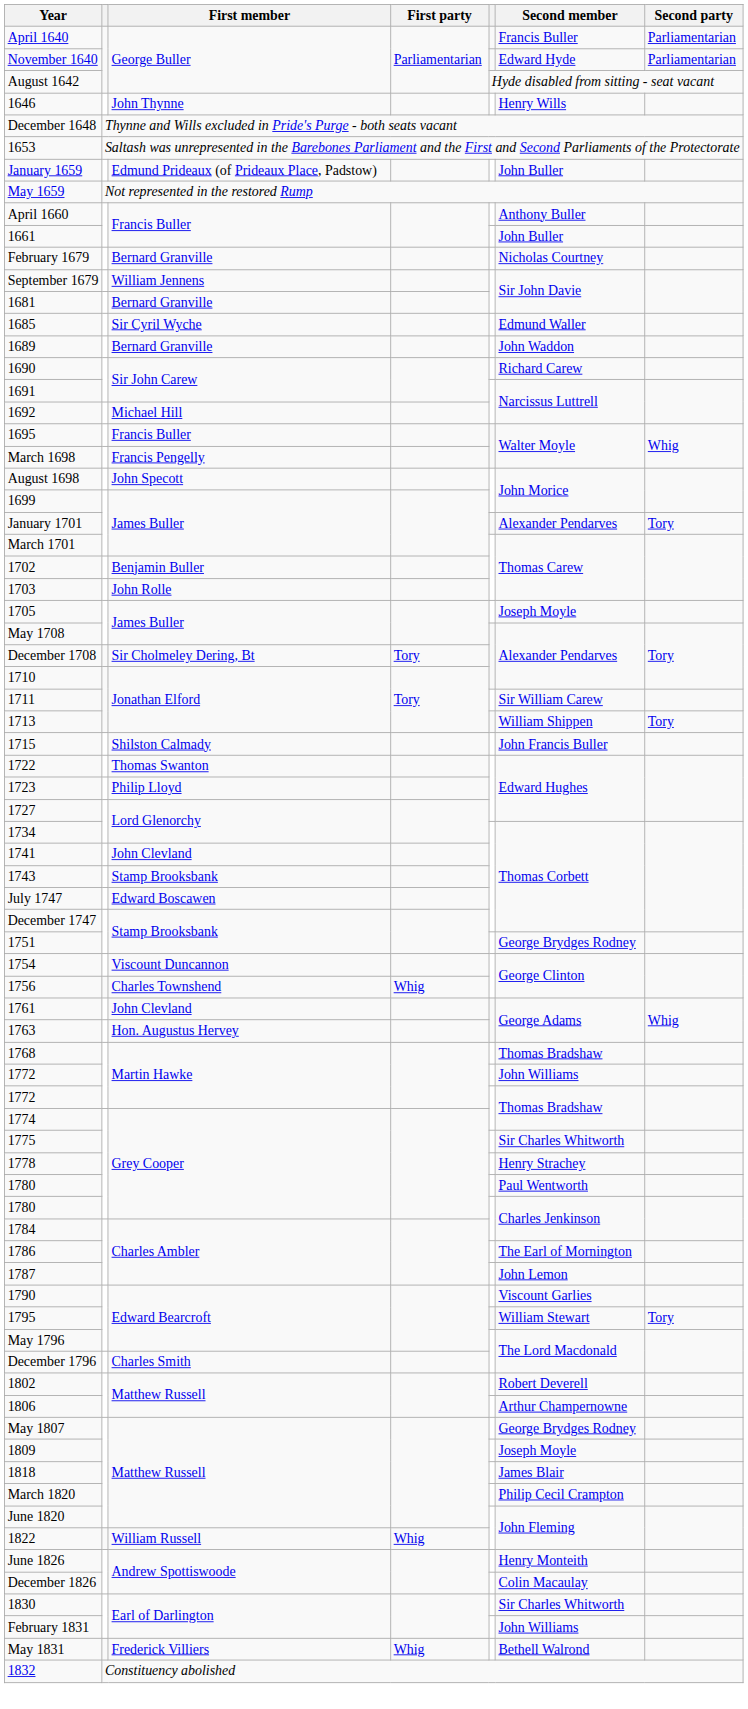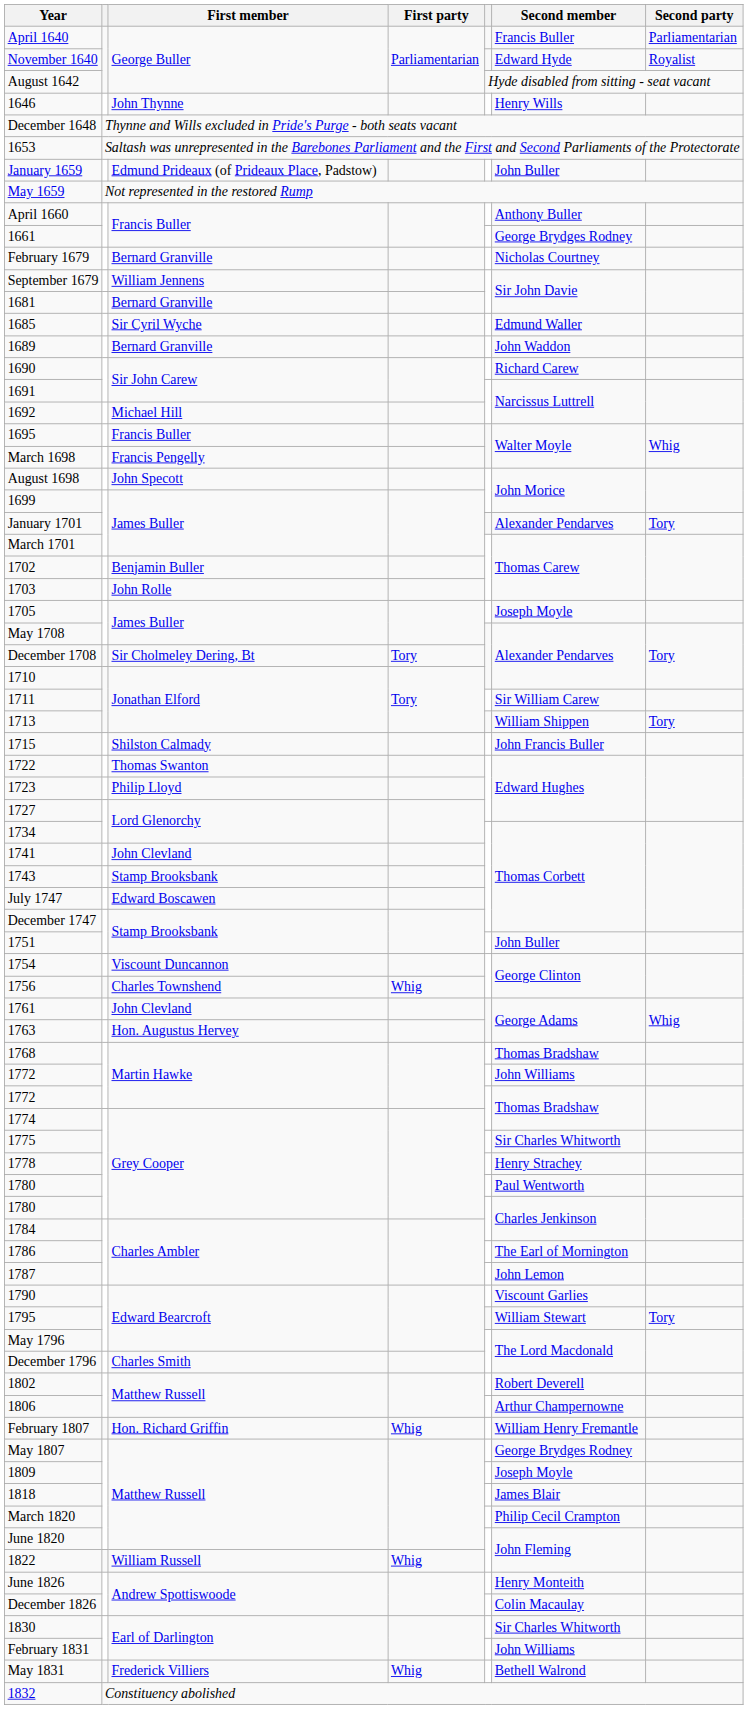 <table class="wikitable">
 <tr>
 <th>Year</th>
 <th></th>
 <th>First member</th>
 <th>First party</th>
 <th></th>
 <th>Second member</th>
 <th>Second party</th>
 </tr>
 <tr>
 <td><a href='#'>April 1640</a></td>
 <td rowspan="3" style="color:inherit;background-color: "></td>
 <td rowspan="3"><a href='#'>George Buller</a></td>
 <td rowspan="3"><a href='#'>Parliamentarian</a></td>
 <td style="color:inherit;background-color: "></td>
 <td><a href='#'>Francis Buller</a></td>
 <td><a href='#'>Parliamentarian</a></td>
 </tr>
 <tr>
 <td><a href='#'>November 1640</a></td>
 <td style="color:inherit;background-color: "></td>
 <td><a href='#'>Edward Hyde</a></td>
-<td><a href='#'>Parliamentarian</a></td>
+<td><a href='#'>Royalist</a></td>
 </tr>
 <tr>
 <td>August 1642</td>
 <td colspan="3"><em>Hyde disabled from sitting - seat vacant</em></td>
 </tr>
 <tr>
 <td>1646</td>
 <td style="color:inherit;background-color: white"></td>
 <td><a href='#'>John Thynne</a></td>
 <td></td>
 <td style="color:inherit;background-color: white"></td>
 <td><a href='#'>Henry Wills</a></td>
 <td></td>
 </tr>
 <tr>
 <td>December 1648</td>
 <td colspan="6"><em>Thynne and Wills excluded in <a href='#'>Pride's Purge</a> - both seats vacant</em></td>
 </tr>
 <tr>
 <td>1653</td>
 <td colspan="6"><em>Saltash was unrepresented in the <a href='#'>Barebones Parliament</a> and the <a href='#'>First</a> and <a href='#'>Second</a> Parliaments of the Protectorate</em></td>
 </tr>
 <tr>
 <td><a href='#'>January 1659</a></td>
 <td style="color:inherit;background-color: white"></td>
 <td><a href='#'>Edmund Prideaux</a> (of <a href='#'>Prideaux Place</a>, Padstow)</td>
 <td></td>
 <td style="color:inherit;background-color: white"></td>
 <td><a href='#'>John Buller</a></td>
 <td></td>
 </tr>
 <tr>
 <td><a href='#'>May 1659</a></td>
 <td colspan="6"><em>Not represented in the restored <a href='#'>Rump</a></em></td>
 </tr>
 <tr>
 <td>April 1660</td>
 <td rowspan="2" style="color:inherit;background-color: white"></td>
 <td rowspan="2"><a href='#'>Francis Buller</a></td>
 <td rowspan="2"></td>
 <td style="color:inherit;background-color: white"></td>
 <td><a href='#'>Anthony Buller</a></td>
 <td></td>
 </tr>
 <tr>
 <td>1661</td>
 <td style="color:inherit;background-color: white"></td>
-<td><a href='#'>John Buller</a></td>
+<td><a href='#'>George Brydges Rodney</a></td>
 <td></td>
 </tr>
 <tr>
 <td>February 1679</td>
 <td style="color:inherit;background-color: white"></td>
 <td><a href='#'>Bernard Granville</a></td>
 <td></td>
 <td style="color:inherit;background-color: white"></td>
 <td><a href='#'>Nicholas Courtney</a></td>
 <td></td>
 </tr>
 <tr>
 <td>September 1679</td>
 <td style="color:inherit;background-color: white"></td>
 <td><a href='#'>William Jennens</a></td>
 <td></td>
 <td rowspan="2" style="color:inherit;background-color: white"></td>
 <td rowspan="2"><a href='#'>Sir John Davie</a></td>
 <td rowspan="2"></td>
 </tr>
 <tr>
 <td>1681</td>
 <td style="color:inherit;background-color: white"></td>
 <td><a href='#'>Bernard Granville</a></td>
 <td></td>
 </tr>
 <tr>
 <td>1685</td>
 <td style="color:inherit;background-color: white"></td>
 <td><a href='#'>Sir Cyril Wyche</a></td>
 <td></td>
 <td style="color:inherit;background-color: white"></td>
 <td><a href='#'>Edmund Waller</a></td>
 <td></td>
 </tr>
 <tr>
 <td>1689</td>
 <td style="color:inherit;background-color: white"></td>
 <td><a href='#'>Bernard Granville</a></td>
 <td></td>
 <td style="color:inherit;background-color: white"></td>
 <td><a href='#'>John Waddon</a></td>
 <td></td>
 </tr>
 <tr>
 <td>1690</td>
 <td rowspan="2" style="color:inherit;background-color: white"></td>
 <td rowspan="2"><a href='#'>Sir John Carew</a></td>
 <td rowspan="2"></td>
 <td style="color:inherit;background-color: white"></td>
 <td><a href='#'>Richard Carew</a></td>
 <td></td>
 </tr>
 <tr>
 <td>1691</td>
 <td rowspan="2" style="color:inherit;background-color: white"></td>
 <td rowspan="2"><a href='#'>Narcissus Luttrell</a></td>
 <td rowspan="2"></td>
 </tr>
 <tr>
 <td>1692</td>
 <td style="color:inherit;background-color: white"></td>
 <td><a href='#'>Michael Hill</a></td>
 <td></td>
 </tr>
 <tr>
 <td>1695</td>
 <td style="color:inherit;background-color: white"></td>
 <td><a href='#'>Francis Buller</a></td>
 <td></td>
 <td rowspan="2" style="color:inherit;background-color: "></td>
 <td rowspan="2"><a href='#'>Walter Moyle</a></td>
 <td rowspan="2"><a href='#'>Whig</a></td>
 </tr>
 <tr>
 <td>March 1698</td>
 <td style="color:inherit;background-color: white"></td>
 <td><a href='#'>Francis Pengelly</a></td>
 <td></td>
 </tr>
 <tr>
 <td>August 1698</td>
 <td style="color:inherit;background-color: white"></td>
 <td><a href='#'>John Specott</a></td>
 <td></td>
 <td rowspan="2" style="color:inherit;background-color: white"></td>
 <td rowspan="2"><a href='#'>John Morice</a></td>
 <td rowspan="2"></td>
 </tr>
 <tr>
 <td>1699</td>
 <td rowspan="3" style="color:inherit;background-color: white"></td>
 <td rowspan="3"><a href='#'>James Buller</a></td>
 <td rowspan="3"></td>
 </tr>
 <tr>
 <td>January 1701</td>
 <td style="color:inherit;background-color: "></td>
 <td><a href='#'>Alexander Pendarves</a></td>
 <td><a href='#'>Tory</a></td>
 </tr>
 <tr>
 <td>March 1701</td>
 <td rowspan="3" style="color:inherit;background-color: white"></td>
 <td rowspan="3"><a href='#'>Thomas Carew</a></td>
 <td rowspan="3"></td>
 </tr>
 <tr>
 <td>1702</td>
 <td style="color:inherit;background-color: white"></td>
 <td><a href='#'>Benjamin Buller</a></td>
 <td></td>
 </tr>
 <tr>
 <td>1703</td>
 <td style="color:inherit;background-color: white"></td>
 <td><a href='#'>John Rolle</a></td>
 <td></td>
 </tr>
 <tr>
 <td>1705</td>
 <td rowspan="2" style="color:inherit;background-color: white"></td>
 <td rowspan="2"><a href='#'>James Buller</a></td>
 <td rowspan="2"></td>
 <td style="color:inherit;background-color: white"></td>
 <td><a href='#'>Joseph Moyle</a></td>
 <td></td>
 </tr>
 <tr>
 <td>May 1708</td>
 <td rowspan="3" style="color:inherit;background-color: "></td>
 <td rowspan="3"><a href='#'>Alexander Pendarves</a></td>
 <td rowspan="3"><a href='#'>Tory</a></td>
 </tr>
 <tr>
 <td>December 1708</td>
 <td style="color:inherit;background-color: "></td>
 <td><a href='#'>Sir Cholmeley Dering, Bt</a></td>
 <td><a href='#'>Tory</a></td>
 </tr>
 <tr>
 <td>1710</td>
 <td rowspan="3" style="color:inherit;background-color: "></td>
 <td rowspan="3"><a href='#'>Jonathan Elford</a></td>
 <td rowspan="3"><a href='#'>Tory</a></td>
 </tr>
 <tr>
 <td>1711</td>
 <td style="color:inherit;background-color: white"></td>
 <td><a href='#'>Sir William Carew</a></td>
 <td></td>
 </tr>
 <tr>
 <td>1713</td>
 <td style="color:inherit;background-color: "></td>
 <td><a href='#'>William Shippen</a></td>
 <td><a href='#'>Tory</a></td>
 </tr>
 <tr>
 <td>1715</td>
 <td style="color:inherit;background-color: white"></td>
 <td><a href='#'>Shilston Calmady</a></td>
 <td></td>
 <td style="color:inherit;background-color: white"></td>
 <td><a href='#'>John Francis Buller</a></td>
 <td></td>
 </tr>
 <tr>
 <td>1722</td>
 <td style="color:inherit;background-color: white"></td>
 <td><a href='#'>Thomas Swanton</a></td>
 <td></td>
 <td rowspan="3" style="color:inherit;background-color: white"></td>
 <td rowspan="3"><a href='#'>Edward Hughes</a></td>
 <td rowspan="3"></td>
 </tr>
 <tr>
 <td>1723</td>
 <td style="color:inherit;background-color: white"></td>
 <td><a href='#'>Philip Lloyd</a></td>
 <td></td>
 </tr>
 <tr>
 <td>1727</td>
 <td rowspan="2" style="color:inherit;background-color: white"></td>
 <td rowspan="2"><a href='#'>Lord Glenorchy</a></td>
 <td rowspan="2"></td>
 </tr>
 <tr>
 <td>1734</td>
 <td rowspan="5" style="color:inherit;background-color: white"></td>
 <td rowspan="5"><a href='#'>Thomas Corbett</a></td>
 <td rowspan="5"></td>
 </tr>
 <tr>
 <td>1741</td>
 <td style="color:inherit;background-color: white"></td>
 <td><a href='#'>John Clevland</a></td>
 <td></td>
 </tr>
 <tr>
 <td>1743</td>
 <td style="color:inherit;background-color: white"></td>
 <td><a href='#'>Stamp Brooksbank</a></td>
 <td></td>
 </tr>
 <tr>
 <td>July 1747</td>
 <td style="color:inherit;background-color: white"></td>
 <td><a href='#'>Edward Boscawen</a></td>
 <td></td>
 </tr>
 <tr>
 <td>December 1747</td>
 <td rowspan="2" style="color:inherit;background-color: white"></td>
 <td rowspan="2"><a href='#'>Stamp Brooksbank</a></td>
 <td rowspan="2"></td>
 </tr>
 <tr>
 <td>1751</td>
 <td style="color:inherit;background-color: white"></td>
-<td><a href='#'>George Brydges Rodney</a></td>
+<td><a href='#'>John Buller</a></td>
 <td></td>
 </tr>
 <tr>
 <td>1754</td>
 <td style="color:inherit;background-color: white"></td>
 <td><a href='#'>Viscount Duncannon</a></td>
 <td></td>
 <td rowspan="2" style="color:inherit;background-color: white"></td>
 <td rowspan="2"><a href='#'>George Clinton</a></td>
 <td rowspan="2"></td>
 </tr>
 <tr>
 <td>1756</td>
 <td style="color:inherit;background-color: "></td>
 <td><a href='#'>Charles Townshend</a></td>
 <td><a href='#'>Whig</a></td>
 </tr>
 <tr>
 <td>1761</td>
 <td style="color:inherit;background-color: white"></td>
 <td><a href='#'>John Clevland</a></td>
 <td></td>
 <td rowspan="2" style="color:inherit;background-color: "></td>
 <td rowspan="2"><a href='#'>George Adams</a></td>
 <td rowspan="2"><a href='#'>Whig</a></td>
 </tr>
 <tr>
 <td>1763</td>
 <td style="color:inherit;background-color: white"></td>
 <td><a href='#'>Hon. Augustus Hervey</a></td>
 <td></td>
 </tr>
 <tr>
 <td>1768</td>
 <td rowspan="3" style="color:inherit;background-color: white"></td>
 <td rowspan="3"><a href='#'>Martin Hawke</a></td>
 <td rowspan="3"></td>
 <td style="color:inherit;background-color: white"></td>
 <td><a href='#'>Thomas Bradshaw</a></td>
 <td></td>
 </tr>
 <tr>
 <td>1772</td>
 <td style="color:inherit;background-color: white"></td>
 <td><a href='#'>John Williams</a></td>
 <td></td>
 </tr>
 <tr>
 <td>1772</td>
 <td rowspan="2" style="color:inherit;background-color: white"></td>
 <td rowspan="2"><a href='#'>Thomas Bradshaw</a></td>
 <td rowspan="2"></td>
 </tr>
 <tr>
 <td>1774</td>
 <td rowspan="5" style="color:inherit;background-color: white"></td>
 <td rowspan="5"><a href='#'>Grey Cooper</a></td>
 <td rowspan="5"></td>
 </tr>
 <tr>
 <td>1775</td>
 <td style="color:inherit;background-color: white"></td>
 <td><a href='#'>Sir Charles Whitworth</a></td>
 <td></td>
 </tr>
 <tr>
 <td>1778</td>
 <td style="color:inherit;background-color: white"></td>
 <td><a href='#'>Henry Strachey</a></td>
 <td></td>
 </tr>
 <tr>
 <td>1780</td>
 <td style="color:inherit;background-color: white"></td>
 <td><a href='#'>Paul Wentworth</a></td>
 <td></td>
 </tr>
 <tr>
 <td>1780</td>
 <td rowspan="2" style="color:inherit;background-color: white"></td>
 <td rowspan="2"><a href='#'>Charles Jenkinson</a></td>
 <td rowspan="2"></td>
 </tr>
 <tr>
 <td>1784</td>
 <td rowspan="3" style="color:inherit;background-color: white"></td>
 <td rowspan="3"><a href='#'>Charles Ambler</a></td>
 <td rowspan="3"></td>
 </tr>
 <tr>
 <td>1786</td>
 <td style="color:inherit;background-color: white"></td>
 <td><a href='#'>The Earl of Mornington</a></td>
 <td></td>
 </tr>
 <tr>
 <td>1787</td>
 <td style="color:inherit;background-color: white"></td>
 <td><a href='#'>John Lemon</a></td>
 <td></td>
 </tr>
 <tr>
 <td>1790</td>
 <td rowspan="3" style="color:inherit;background-color: white"></td>
 <td rowspan="3"><a href='#'>Edward Bearcroft</a></td>
 <td rowspan="3"></td>
 <td style="color:inherit;background-color: white"></td>
 <td><a href='#'>Viscount Garlies</a></td>
 <td></td>
 </tr>
 <tr>
 <td>1795</td>
 <td style="color:inherit;background-color: "></td>
 <td><a href='#'>William Stewart</a></td>
 <td><a href='#'>Tory</a></td>
 </tr>
 <tr>
 <td>May 1796</td>
 <td rowspan="2" style="color:inherit;background-color: white"></td>
 <td rowspan="2"><a href='#'>The Lord Macdonald</a></td>
 <td rowspan="2"></td>
 </tr>
 <tr>
 <td>December 1796</td>
 <td style="color:inherit;background-color: white"></td>
 <td><a href='#'>Charles Smith</a></td>
 <td></td>
 </tr>
 <tr>
 <td>1802</td>
 <td rowspan="2" style="color:inherit;background-color: white"></td>
 <td rowspan="2"><a href='#'>Matthew Russell</a></td>
 <td rowspan="2"></td>
 <td style="color:inherit;background-color: white"></td>
 <td><a href='#'>Robert Deverell</a></td>
 <td></td>
 </tr>
 <tr>
 <td>1806</td>
 <td style="color:inherit;background-color: white"></td>
 <td><a href='#'>Arthur Champernowne</a></td>
 <td></td>
 </tr>
 <tr>
+<td>February 1807</td>
+<td style="color:inherit;background-color: "></td>
+<td><a href='#'>Hon. Richard Griffin</a></td>
+<td><a href='#'>Whig</a></td>
+<td style="color:inherit;background-color: white"></td>
+<td><a href='#'>William Henry Fremantle</a></td>
+<td></td>
+</tr>
+<tr>
 <td>May 1807</td>
 <td rowspan="5" style="color:inherit;background-color: white"></td>
 <td rowspan="5"><a href='#'>Matthew Russell</a></td>
 <td rowspan="5"></td>
 <td style="color:inherit;background-color: white"></td>
 <td><a href='#'>George Brydges Rodney</a></td>
 <td></td>
 </tr>
 <tr>
 <td>1809</td>
 <td style="color:inherit;background-color: white"></td>
 <td><a href='#'>Joseph Moyle</a></td>
 <td></td>
 </tr>
 <tr>
 <td>1818</td>
 <td style="color:inherit;background-color: white"></td>
 <td><a href='#'>James Blair</a></td>
 <td></td>
 </tr>
 <tr>
 <td>March 1820</td>
 <td style="color:inherit;background-color: white"></td>
 <td><a href='#'>Philip Cecil Crampton</a></td>
 <td></td>
 </tr>
 <tr>
 <td>June 1820</td>
 <td rowspan="2" style="color:inherit;background-color: white"></td>
 <td rowspan="2"><a href='#'>John Fleming</a></td>
 <td rowspan="2"></td>
 </tr>
 <tr>
 <td>1822</td>
 <td style="color:inherit;background-color: "></td>
 <td><a href='#'>William Russell</a></td>
 <td><a href='#'>Whig</a></td>
 </tr>
 <tr>
 <td>June 1826</td>
 <td rowspan="2" style="color:inherit;background-color: white"></td>
 <td rowspan="2"><a href='#'>Andrew Spottiswoode</a></td>
 <td rowspan="2"></td>
 <td style="color:inherit;background-color: white"></td>
 <td><a href='#'>Henry Monteith</a></td>
 <td></td>
 </tr>
 <tr>
 <td>December 1826</td>
 <td style="color:inherit;background-color: white"></td>
 <td><a href='#'>Colin Macaulay</a></td>
 <td></td>
 </tr>
 <tr>
 <td>1830</td>
 <td rowspan="2" style="color:inherit;background-color: white"></td>
 <td rowspan="2"><a href='#'>Earl of Darlington</a></td>
 <td rowspan="2"></td>
 <td style="color:inherit;background-color: white"></td>
 <td><a href='#'>Sir Charles Whitworth</a></td>
 <td></td>
 </tr>
 <tr>
 <td>February 1831</td>
 <td style="color:inherit;background-color: white"></td>
 <td><a href='#'>John Williams</a></td>
 <td></td>
 </tr>
 <tr>
 <td>May 1831</td>
 <td style="color:inherit;background-color: "></td>
 <td><a href='#'>Frederick Villiers</a></td>
 <td><a href='#'>Whig</a></td>
 <td style="color:inherit;background-color: white"></td>
 <td><a href='#'>Bethell Walrond</a></td>
 <td></td>
 </tr>
 <tr>
 <td><a href='#'>1832</a></td>
 <td colspan="6"><em>Constituency abolished</em></td>
 </tr>
 </table>
